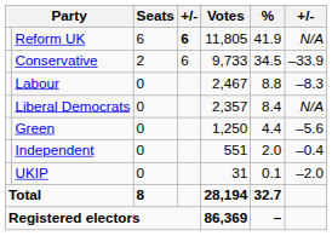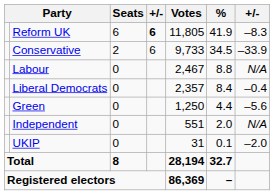 <table class="wikitable sortable">
 <tr>
 <th colspan="2">Party</th>
 <th>Seats</th>
 <th>+/-</th>
 <th>Votes</th>
 <th>%</th>
 <th>+/-</th>
 </tr>
 <tr>
 <td style="background-color: "></td>
 <td><a href='#'>Reform UK</a></td>
 <td>6</td>
 <td><strong> 6</strong></td>
 <td style="text-align:right;">11,805</td>
 <td style="text-align:right;">41.9</td>
-<td style="text-align:right;"><em>N/A</em></td>
+<td style="text-align:right;">–8.3</td>
 </tr>
 <tr>
 <td style="background-color: "></td>
 <td><a href='#'>Conservative</a></td>
 <td>2</td>
 <td> 6</td>
 <td style="text-align:right;">9,733</td>
 <td style="text-align:right;">34.5</td>
 <td style="text-align:right;">–33.9</td>
 </tr>
 <tr>
 <td style="background-color: "></td>
 <td><a href='#'>Labour</a></td>
 <td>0</td>
 <td></td>
 <td style="text-align:right;">2,467</td>
 <td style="text-align:right;">8.8</td>
-<td style="text-align:right;">–8.3</td>
+<td style="text-align:right;"><em>N/A</em></td>
 </tr>
 <tr>
 <td style="background-color: "></td>
 <td><a href='#'>Liberal Democrats</a></td>
 <td>0</td>
 <td></td>
 <td style="text-align:right;">2,357</td>
 <td style="text-align:right;">8.4</td>
-<td style="text-align:right;"><em>N/A</em></td>
+<td style="text-align:right;">–0.4</td>
 </tr>
 <tr>
 <td style="background-color: "></td>
 <td><a href='#'>Green</a></td>
 <td>0</td>
 <td></td>
 <td style="text-align:right;">1,250</td>
 <td style="text-align:right;">4.4</td>
 <td style="text-align:right;">–5.6</td>
 </tr>
 <tr>
 <td style="background-color: "></td>
 <td><a href='#'>Independent</a></td>
 <td>0</td>
 <td></td>
 <td style="text-align:right;">551</td>
 <td style="text-align:right;">2.0</td>
-<td style="text-align:right;">–0.4</td>
+<td style="text-align:right;"><em>N/A</em></td>
 </tr>
 <tr>
 <td style="background-color: "></td>
 <td><a href='#'>UKIP</a></td>
 <td>0</td>
 <td></td>
 <td style="text-align:right;">31</td>
 <td style="text-align:right;">0.1</td>
 <td style="text-align:right;">–2.0</td>
 </tr>
 <tr>
 <td colspan="2"><strong>Total</strong></td>
 <td><strong>8</strong></td>
 <td></td>
 <td style="text-align:right;"><strong>28,194</strong></td>
 <td style="text-align:right;"><strong>32.7</strong></td>
 <td style="text-align:right;"></td>
 </tr>
 <tr>
 <td colspan="4"><strong>Registered electors</strong></td>
 <td style="text-align:right;"><strong>86,369</strong></td>
 <td style="text-align:right;"><strong>–</strong></td>
 <td style="text-align:right;"></td>
 </tr>
 </table>
